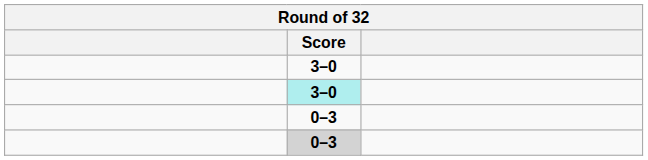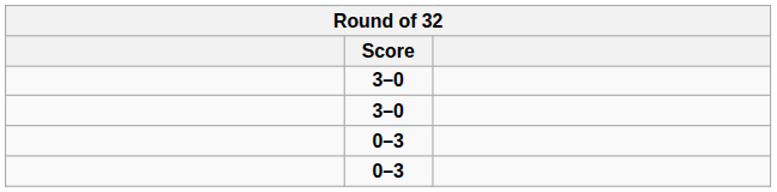 <table class="wikitable" style="text-align: center; font-size:90% ">
 <tr>
 <th colspan=3>Round of 32</th>
 </tr>
 <tr>
 <th align="right" width="250"></th>
 <th width="60">Score</th>
 <th align="left" width="250"></th>
 </tr>
 <tr>
 <td align=left><strong></strong></td>
 <td align=center><strong>3–0</strong></td>
 <td align=left></td>
 </tr>
 <tr>
 <td align=left><strong></strong></td>
-<td align=center style="background: paleturquoise;"><strong>3–0</strong></td>
+<td align=center><strong>3–0</strong></td>
 <td align=left></td>
 </tr>
 <tr>
 <td align=left></td>
 <td align=center><strong>0–3</strong></td>
 <td align=left><strong></strong></td>
 </tr>
 <tr>
 <td align=left></td>
-<td align=center style="background: lightgrey;"><strong>0–3</strong></td>
+<td align=center><strong>0–3</strong></td>
 <td align=left><strong></strong></td>
 </tr>
 </table>
